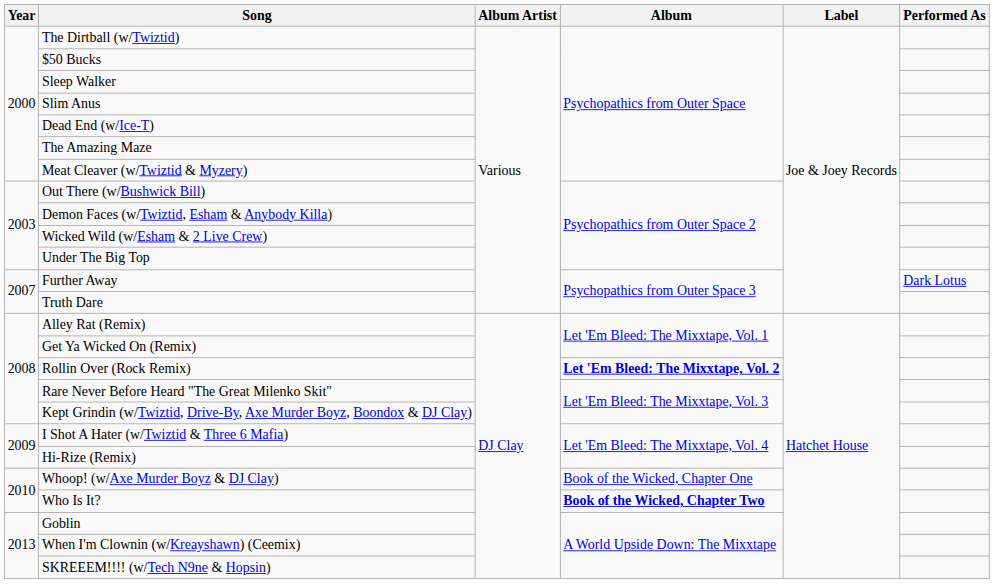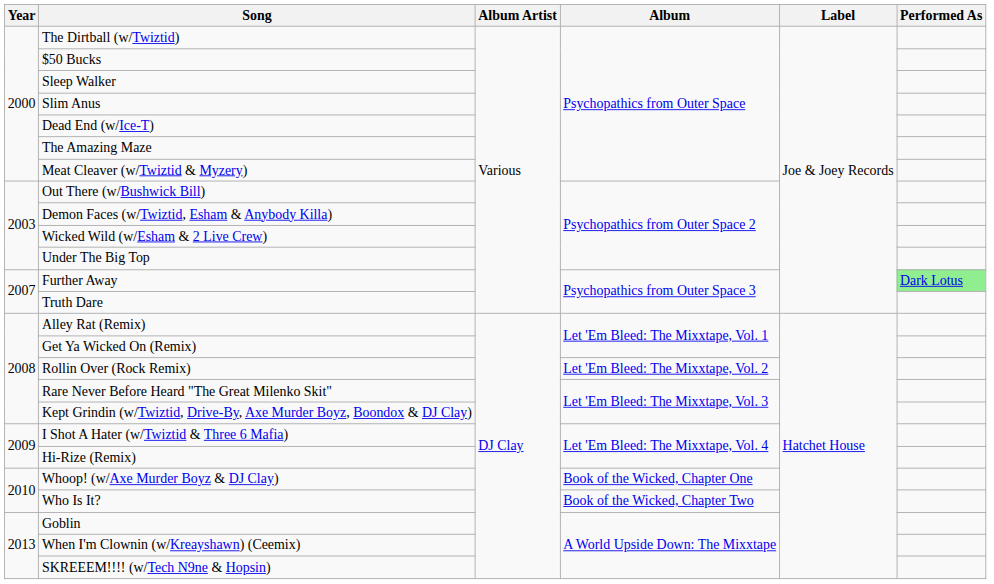 <table class="wikitable" border="1">
 <tr>
 <th>Year</th>
 <th>Song</th>
 <th>Album Artist</th>
 <th>Album</th>
 <th>Label</th>
 <th>Performed As</th>
 </tr>
 <tr>
 <td rowspan="7">2000</td>
 <td>The Dirtball (w/<a href='#'>Twiztid</a>)</td>
 <td rowspan="13">Various</td>
 <td rowspan="7"><a href='#'>Psychopathics from Outer Space</a></td>
 <td rowspan="13">Joe & Joey Records</td>
 <td></td>
 </tr>
 <tr>
 <td>$50 Bucks</td>
 <td></td>
 </tr>
 <tr>
 <td>Sleep Walker</td>
 <td></td>
 </tr>
 <tr>
 <td>Slim Anus</td>
 <td></td>
 </tr>
 <tr>
 <td>Dead End (w/<a href='#'>Ice-T</a>)</td>
 <td></td>
 </tr>
 <tr>
 <td>The Amazing Maze</td>
 <td></td>
 </tr>
 <tr>
 <td>Meat Cleaver (w/<a href='#'>Twiztid</a> & <a href='#'>Myzery</a>)</td>
 <td></td>
 </tr>
 <tr>
 <td rowspan="4">2003</td>
 <td>Out There (w/<a href='#'>Bushwick Bill</a>)</td>
 <td rowspan="4"><a href='#'>Psychopathics from Outer Space 2</a></td>
 <td></td>
 </tr>
 <tr>
 <td>Demon Faces (w/<a href='#'>Twiztid</a>, <a href='#'>Esham</a> & <a href='#'>Anybody Killa</a>)</td>
 <td></td>
 </tr>
 <tr>
 <td>Wicked Wild (w/<a href='#'>Esham</a> & <a href='#'>2 Live Crew</a>)</td>
 <td></td>
 </tr>
 <tr>
 <td>Under The Big Top</td>
 <td></td>
 </tr>
 <tr>
 <td rowspan="2">2007</td>
 <td>Further Away</td>
 <td rowspan="2"><a href='#'>Psychopathics from Outer Space 3</a></td>
-<td><a href='#'>Dark Lotus</a></td>
+<td style="background: lightgreen;"><a href='#'>Dark Lotus</a></td>
 </tr>
 <tr>
 <td>Truth Dare</td>
 <td></td>
 </tr>
 <tr>
 <td rowspan="5">2008</td>
 <td>Alley Rat (Remix)</td>
 <td rowspan="12"><a href='#'>DJ Clay</a></td>
 <td rowspan="2"><a href='#'>Let 'Em Bleed: The Mixxtape, Vol. 1</a></td>
 <td rowspan="12"><a href='#'>Hatchet House</a></td>
 <td></td>
 </tr>
 <tr>
 <td>Get Ya Wicked On (Remix)</td>
 <td></td>
 </tr>
 <tr>
 <td>Rollin Over (Rock Remix)</td>
-<td><strong><a href='#'>Let 'Em Bleed: The Mixxtape, Vol. 2</a></strong></td>
+<td><a href='#'>Let 'Em Bleed: The Mixxtape, Vol. 2</a></td>
 <td></td>
 </tr>
 <tr>
 <td>Rare Never Before Heard "The Great Milenko Skit"</td>
 <td rowspan="2"><a href='#'>Let 'Em Bleed: The Mixxtape, Vol. 3</a></td>
 <td></td>
 </tr>
 <tr>
 <td>Kept Grindin (w/<a href='#'>Twiztid</a>, <a href='#'>Drive-By</a>, <a href='#'>Axe Murder Boyz</a>, <a href='#'>Boondox</a> & <a href='#'>DJ Clay</a>)</td>
 <td></td>
 </tr>
 <tr>
 <td rowspan="2">2009</td>
 <td>I Shot A Hater (w/<a href='#'>Twiztid</a> & <a href='#'>Three 6 Mafia</a>)</td>
 <td rowspan="2"><a href='#'>Let 'Em Bleed: The Mixxtape, Vol. 4</a></td>
 <td></td>
 </tr>
 <tr>
 <td>Hi-Rize (Remix)</td>
 <td></td>
 </tr>
 <tr>
 <td rowspan="2">2010</td>
 <td>Whoop! (w/<a href='#'>Axe Murder Boyz</a> & <a href='#'>DJ Clay</a>)</td>
 <td><a href='#'>Book of the Wicked, Chapter One</a></td>
 <td></td>
 </tr>
 <tr>
 <td>Who Is It?</td>
-<td><strong><a href='#'>Book of the Wicked, Chapter Two</a></strong></td>
+<td><a href='#'>Book of the Wicked, Chapter Two</a></td>
 <td></td>
 </tr>
 <tr>
 <td rowspan="3">2013</td>
 <td>Goblin</td>
 <td rowspan="3"><a href='#'>A World Upside Down: The Mixxtape</a></td>
 <td></td>
 </tr>
 <tr>
 <td>When I'm Clownin (w/<a href='#'>Kreayshawn</a>) (Ceemix)</td>
 <td></td>
 </tr>
 <tr>
 <td>SKREEEM!!!! (w/<a href='#'>Tech N9ne</a> & <a href='#'>Hopsin</a>)</td>
 <td></td>
 </tr>
 </table>
